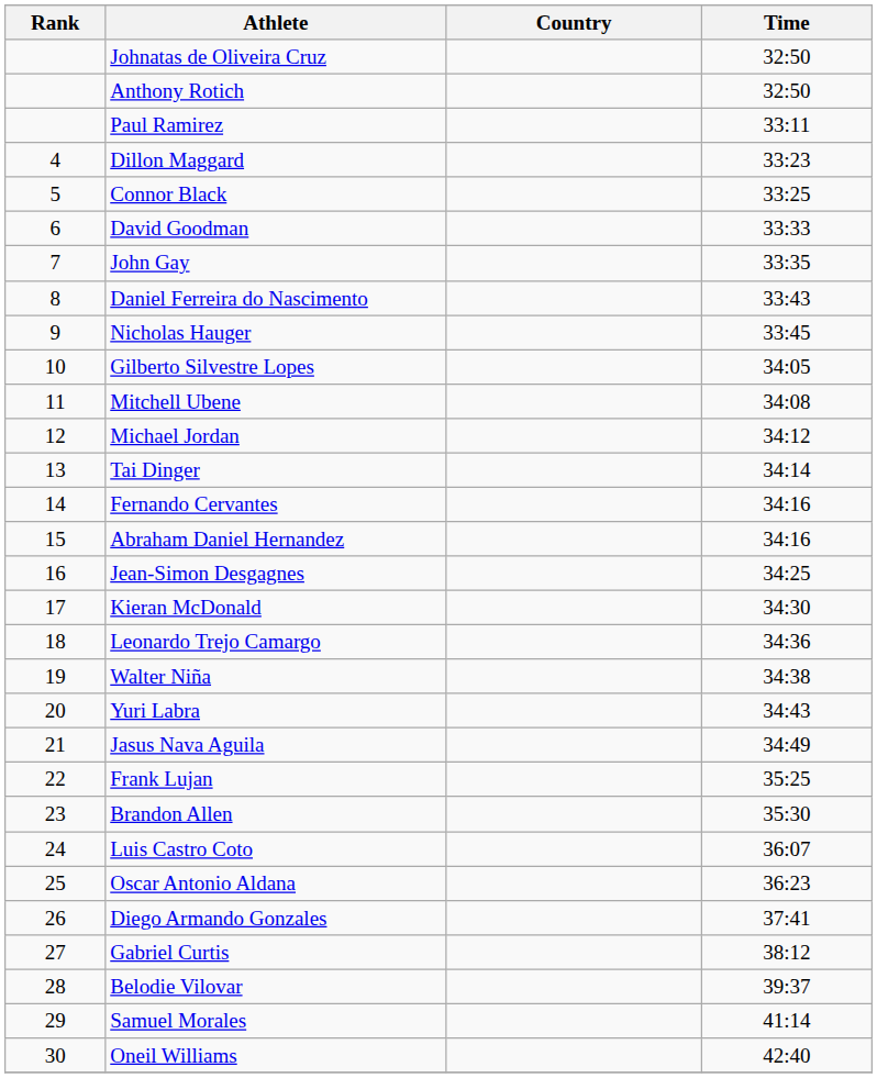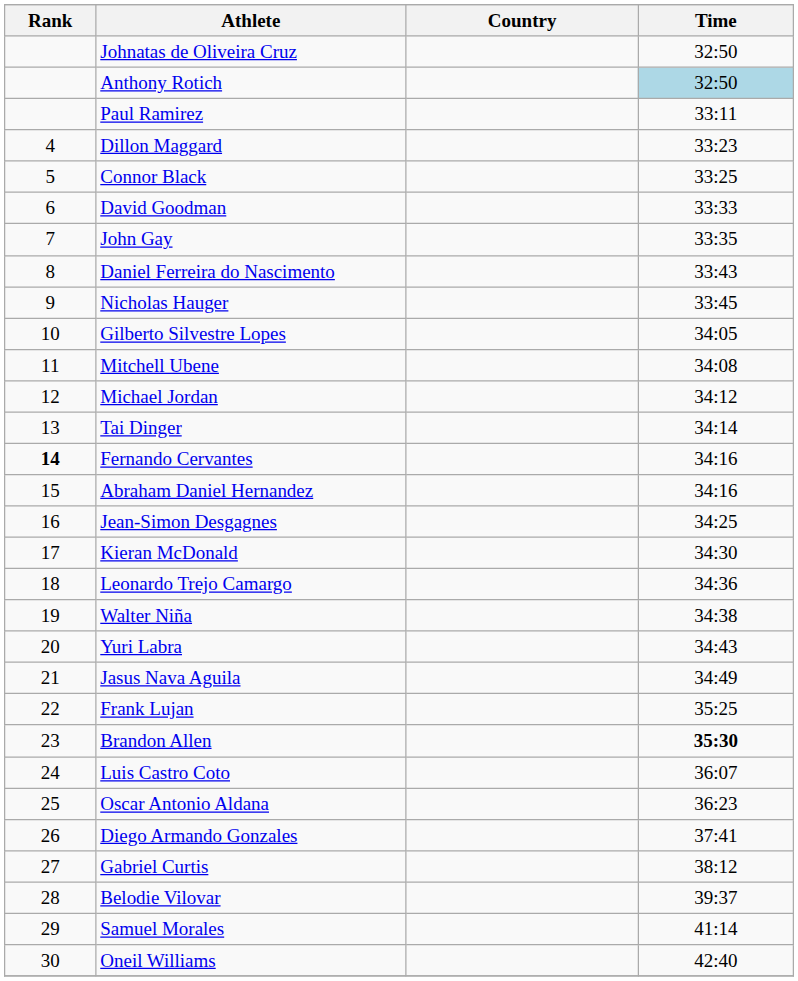 <table class="wikitable sortable" style=" text-align:center; font-size:95%;" width="50%">
 <tr>
 </tr>
 <tr>
 <th width=5%>Rank</th>
 <th width=20%>Athlete</th>
 <th width=15%>Country</th>
 <th width=10%>Time</th>
 </tr>
 <tr>
 <td align=center></td>
 <td align=left><a href='#'>Johnatas de Oliveira Cruz</a></td>
 <td align=left></td>
 <td>32:50</td>
 </tr>
 <tr>
 <td align=center></td>
 <td align=left><a href='#'>Anthony Rotich</a></td>
 <td align=left></td>
-<td>32:50</td>
+<td style="background: lightblue;">32:50</td>
 </tr>
 <tr>
 <td align=center></td>
 <td align=left><a href='#'>Paul Ramirez</a></td>
 <td align=left></td>
 <td>33:11</td>
 </tr>
 <tr>
 <td align=center>4</td>
 <td align=left><a href='#'>Dillon Maggard</a></td>
 <td align=left></td>
 <td>33:23</td>
 </tr>
 <tr>
 <td align=center>5</td>
 <td align=left><a href='#'>Connor Black</a></td>
 <td align=left></td>
 <td>33:25</td>
 </tr>
 <tr>
 <td align=center>6</td>
 <td align=left><a href='#'>David Goodman</a></td>
 <td align=left></td>
 <td>33:33</td>
 </tr>
 <tr>
 <td align=center>7</td>
 <td align=left><a href='#'>John Gay</a></td>
 <td align=left></td>
 <td>33:35</td>
 </tr>
 <tr>
 <td align=center>8</td>
 <td align=left><a href='#'>Daniel Ferreira do Nascimento</a></td>
 <td align=left></td>
 <td>33:43</td>
 </tr>
 <tr>
 <td align=center>9</td>
 <td align=left><a href='#'>Nicholas Hauger</a></td>
 <td align=left></td>
 <td>33:45</td>
 </tr>
 <tr>
 <td align=center>10</td>
 <td align=left><a href='#'>Gilberto Silvestre Lopes</a></td>
 <td align=left></td>
 <td>34:05</td>
 </tr>
 <tr>
 <td align=center>11</td>
 <td align=left><a href='#'>Mitchell Ubene</a></td>
 <td align=left></td>
 <td>34:08</td>
 </tr>
 <tr>
 <td align=center>12</td>
 <td align=left><a href='#'>Michael Jordan</a></td>
 <td align=left></td>
 <td>34:12</td>
 </tr>
 <tr>
 <td align=center>13</td>
 <td align=left><a href='#'>Tai Dinger</a></td>
 <td align=left></td>
 <td>34:14</td>
 </tr>
 <tr>
-<td align=center>14</td>
+<td align=center><strong>14</strong></td>
 <td align=left><a href='#'>Fernando Cervantes</a></td>
 <td align=left></td>
 <td>34:16</td>
 </tr>
 <tr>
 <td align=center>15</td>
 <td align=left><a href='#'>Abraham Daniel Hernandez</a></td>
 <td align=left></td>
 <td>34:16</td>
 </tr>
 <tr>
 <td align=center>16</td>
 <td align=left><a href='#'>Jean-Simon Desgagnes</a></td>
 <td align=left></td>
 <td>34:25</td>
 </tr>
 <tr>
 <td align=center>17</td>
 <td align=left><a href='#'>Kieran McDonald</a></td>
 <td align=left></td>
 <td>34:30</td>
 </tr>
 <tr>
 <td align=center>18</td>
 <td align=left><a href='#'>Leonardo Trejo Camargo</a></td>
 <td align=left></td>
 <td>34:36</td>
 </tr>
 <tr>
 <td align=center>19</td>
 <td align=left><a href='#'>Walter Niña</a></td>
 <td align=left></td>
 <td>34:38</td>
 </tr>
 <tr>
 <td align=center>20</td>
 <td align=left><a href='#'>Yuri Labra</a></td>
 <td align=left></td>
 <td>34:43</td>
 </tr>
 <tr>
 <td align=center>21</td>
 <td align=left><a href='#'>Jasus Nava Aguila</a></td>
 <td align=left></td>
 <td>34:49</td>
 </tr>
 <tr>
 <td align=center>22</td>
 <td align=left><a href='#'>Frank Lujan</a></td>
 <td align=left></td>
 <td>35:25</td>
 </tr>
 <tr>
 <td align=center>23</td>
 <td align=left><a href='#'>Brandon Allen</a></td>
 <td align=left></td>
-<td>35:30</td>
+<td><strong>35:30</strong></td>
 </tr>
 <tr>
 <td align=center>24</td>
 <td align=left><a href='#'>Luis Castro Coto</a></td>
 <td align=left></td>
 <td>36:07</td>
 </tr>
 <tr>
 <td align=center>25</td>
 <td align=left><a href='#'>Oscar Antonio Aldana</a></td>
 <td align=left></td>
 <td>36:23</td>
 </tr>
 <tr>
 <td align=center>26</td>
 <td align=left><a href='#'>Diego Armando Gonzales</a></td>
 <td align=left></td>
 <td>37:41</td>
 </tr>
 <tr>
 <td align=center>27</td>
 <td align=left><a href='#'>Gabriel Curtis</a></td>
 <td align=left></td>
 <td>38:12</td>
 </tr>
 <tr>
 <td align=center>28</td>
 <td align=left><a href='#'>Belodie Vilovar</a></td>
 <td align=left></td>
 <td>39:37</td>
 </tr>
 <tr>
 <td align=center>29</td>
 <td align=left><a href='#'>Samuel Morales</a></td>
 <td align=left></td>
 <td>41:14</td>
 </tr>
 <tr>
 <td align=center>30</td>
 <td align=left><a href='#'>Oneil Williams</a></td>
 <td align=left></td>
 <td>42:40</td>
 </tr>
 <tr>
 </tr>
 </table>
